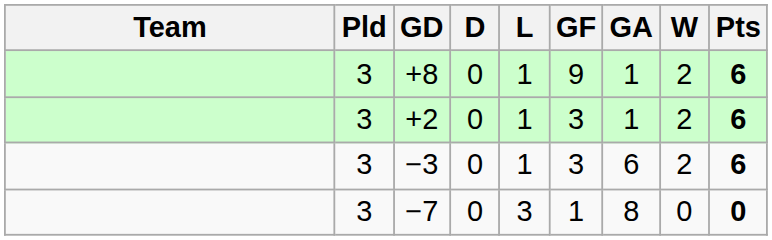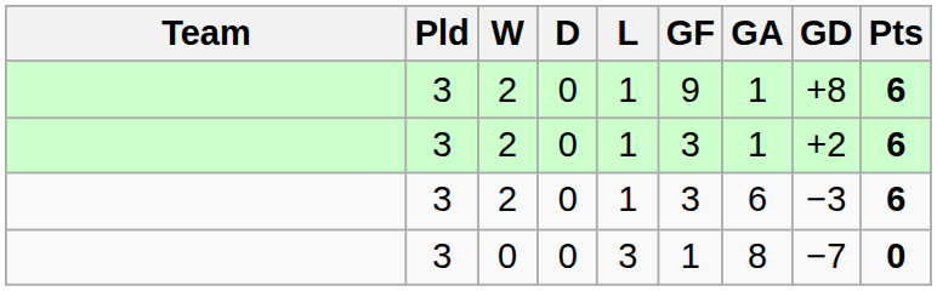 <table class="wikitable" style="text-align:center">
 <tr>
 <th width="175">Team</th>
 <th width="20">Pld</th>
-<th width="20">GD</th>
+<th width="20">W</th>
 <th width="20">D</th>
 <th width="20">L</th>
 <th width="20">GF</th>
 <th width="20">GA</th>
-<th width="20">W</th>
+<th width="20">GD</th>
 <th width="20">Pts</th>
 </tr>
 <tr bgcolor="#ccffcc">
 <td align=left></td>
 <td>3</td>
-<td>+8</td>
+<td>2</td>
 <td>0</td>
 <td>1</td>
 <td>9</td>
 <td>1</td>
-<td>2</td>
+<td>+8</td>
 <td><strong>6</strong></td>
 </tr>
 <tr bgcolor="#ccffcc">
 <td align=left></td>
 <td>3</td>
-<td>+2</td>
+<td>2</td>
 <td>0</td>
 <td>1</td>
 <td>3</td>
 <td>1</td>
-<td>2</td>
+<td>+2</td>
 <td><strong>6</strong></td>
 </tr>
 <tr>
 <td align=left></td>
 <td>3</td>
-<td>−3</td>
+<td>2</td>
 <td>0</td>
 <td>1</td>
 <td>3</td>
 <td>6</td>
-<td>2</td>
+<td>−3</td>
 <td><strong>6</strong></td>
 </tr>
 <tr>
 <td align=left></td>
 <td>3</td>
-<td>−7</td>
+<td>0</td>
 <td>0</td>
 <td>3</td>
 <td>1</td>
 <td>8</td>
-<td>0</td>
+<td>−7</td>
 <td><strong>0</strong></td>
 </tr>
 </table>
